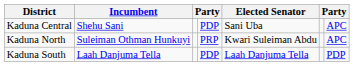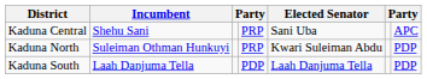 <table class="sortable wikitable" style="font-size:95%;line-height:14px;">
 <tr>
 <th class="unsortable">District</th>
 <th class="unsortable"><a href='#'>Incumbent</a></th>
 <th colspan="2">Party</th>
 <th class="unsortable">Elected Senator</th>
 <th colspan="2">Party</th>
 </tr>
 <tr>
 <td>Kaduna Central</td>
 <td><a href='#'>Shehu Sani</a></td>
 <td style="background:"></td>
-<td><a href='#'>PDP</a></td>
+<td><a href='#'>PRP</a></td>
 <td>Sani Uba</td>
 <td style="background:"></td>
 <td><a href='#'>APC</a></td>
 </tr>
 <tr>
 <td>Kaduna North</td>
 <td><a href='#'>Suleiman Othman Hunkuyi</a></td>
 <td style="background:"></td>
 <td><a href='#'>PRP</a></td>
 <td>Kwari Suleiman Abdu</td>
 <td style="background:"></td>
-<td><a href='#'>APC</a></td>
+<td><a href='#'>PDP</a></td>
 </tr>
 <tr>
 <td>Kaduna South</td>
 <td><a href='#'>Laah Danjuma Tella</a></td>
 <td style="background:"></td>
 <td><a href='#'>PDP</a></td>
 <td><a href='#'>Laah Danjuma Tella</a></td>
 <td style="background:"></td>
 <td><a href='#'>PDP</a></td>
 </tr>
 </table>
